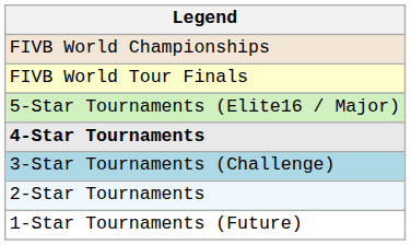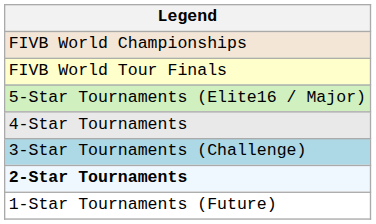 <table class= "wikitable mw-collapsible mw-collapsed" style=font-size:95%>
 <tr>
 <th>Legend</th>
 </tr>
 <tr bgcolor=f3e6d7>
 <td>FIVB World Championships</td>
 </tr>
 <tr bgcolor=#ffffcc>
 <td>FIVB World Tour Finals</td>
 </tr>
 <tr bgcolor=#d0f0c0>
 <td>5-Star Tournaments (Elite16 / Major)</td>
 </tr>
 <tr bgcolor=#E9E9E9>
-<td><strong>4-Star Tournaments</strong></td>
+<td>4-Star Tournaments</td>
 </tr>
 <tr bgcolor=lightblue>
 <td>3-Star Tournaments (Challenge)</td>
 </tr>
 <tr bgcolor=#f0f8ff>
-<td>2-Star Tournaments</td>
+<td><strong>2-Star Tournaments</strong></td>
 </tr>
 <tr bgcolor=#ffffff>
 <td>1-Star Tournaments (Future)</td>
 </tr>
 </table>
